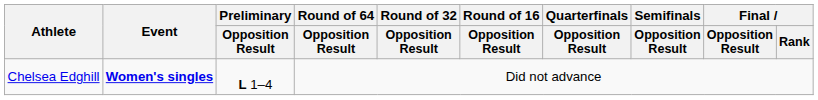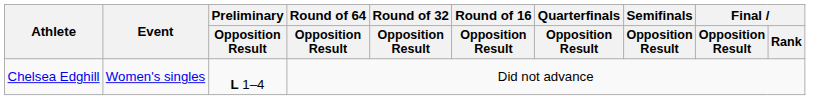 <table class=wikitable style=font-size:90%;text-align:center>
 <tr>
 <th rowspan=2>Athlete</th>
 <th rowspan=2>Event</th>
 <th>Preliminary</th>
 <th>Round of 64</th>
 <th>Round of 32</th>
 <th>Round of 16</th>
 <th>Quarterfinals</th>
 <th>Semifinals</th>
 <th colspan=2>Final / </th>
 </tr>
 <tr style="font-size:95%">
 <th>Opposition<br>Result</th>
 <th>Opposition<br>Result</th>
 <th>Opposition<br>Result</th>
 <th>Opposition<br>Result</th>
 <th>Opposition<br>Result</th>
 <th>Opposition<br>Result</th>
 <th>Opposition<br>Result</th>
 <th>Rank</th>
 </tr>
 <tr>
 <td align=left><a href='#'>Chelsea Edghill</a></td>
-<td align=left><strong><a href='#'>Women's singles</a></strong></td>
+<td align=left><a href='#'>Women's singles</a></td>
 <td><br><strong>L</strong> 1–4</td>
 <td colspan=7>Did not advance</td>
 </tr>
 </table>
